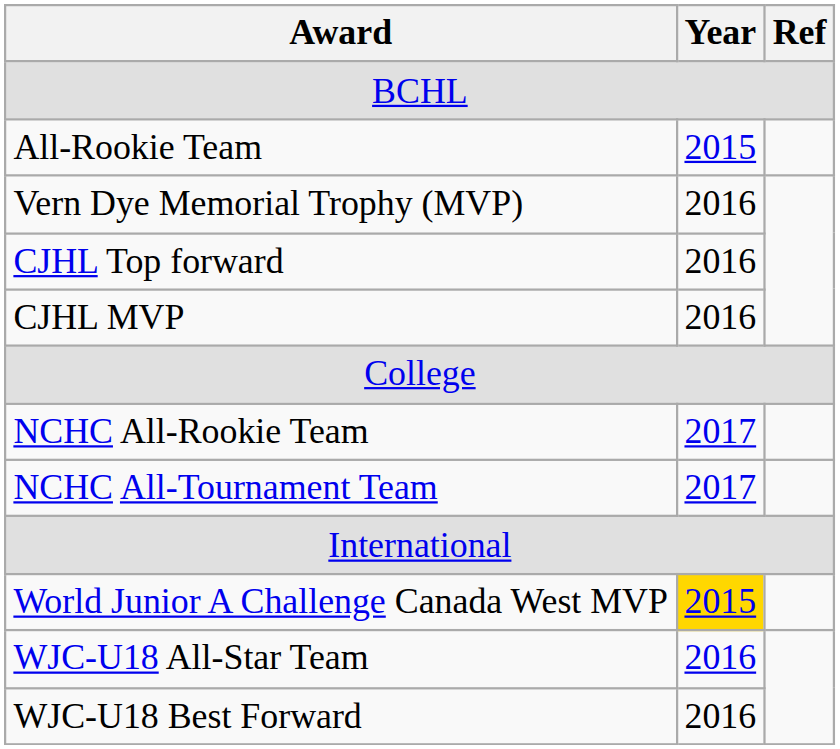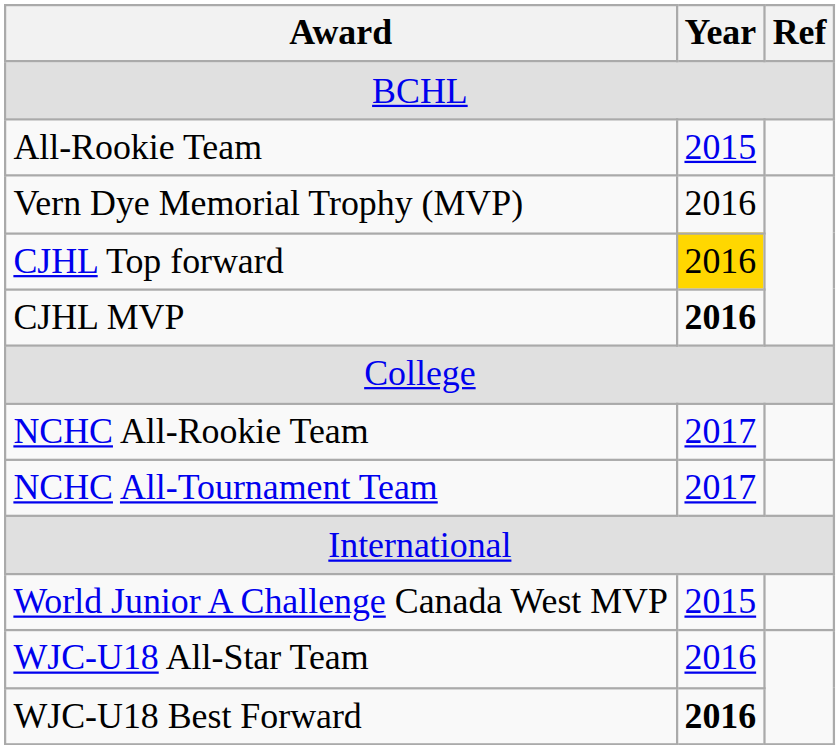 <table class="wikitable">
 <tr>
 <th>Award</th>
 <th>Year</th>
 <th>Ref</th>
 </tr>
 <tr ALIGN="center" bgcolor="#e0e0e0">
 <td colspan="3"><a href='#'>BCHL</a></td>
 </tr>
 <tr>
 <td>All-Rookie Team</td>
 <td><a href='#'>2015</a></td>
 <td></td>
 </tr>
 <tr>
 <td>Vern Dye Memorial Trophy (MVP)</td>
 <td>2016</td>
 <td rowspan="3"></td>
 </tr>
 <tr>
 <td><a href='#'>CJHL</a> Top forward</td>
-<td>2016</td>
+<td style="background: gold;">2016</td>
 </tr>
 <tr>
 <td>CJHL MVP</td>
-<td>2016</td>
+<td><strong>2016</strong></td>
 </tr>
 <tr ALIGN="center" bgcolor="#e0e0e0">
 <td colspan="3"><a href='#'>College</a></td>
 </tr>
 <tr>
 <td><a href='#'>NCHC</a> All-Rookie Team</td>
 <td><a href='#'>2017</a></td>
 <td></td>
 </tr>
 <tr>
 <td><a href='#'>NCHC</a> <a href='#'>All-Tournament Team</a></td>
 <td><a href='#'>2017</a></td>
 <td></td>
 </tr>
 <tr ALIGN="center" bgcolor="#e0e0e0">
 <td colspan="3"><a href='#'>International</a></td>
 </tr>
 <tr>
 <td><a href='#'>World Junior A Challenge</a> Canada West MVP</td>
-<td style="background: gold;"><a href='#'>2015</a></td>
+<td><a href='#'>2015</a></td>
 <td></td>
 </tr>
 <tr>
 <td><a href='#'>WJC-U18</a> All-Star Team</td>
 <td><a href='#'>2016</a></td>
 <td rowspan="2"></td>
 </tr>
 <tr>
 <td>WJC-U18 Best Forward</td>
-<td>2016</td>
+<td><strong>2016</strong></td>
 </tr>
 </table>
